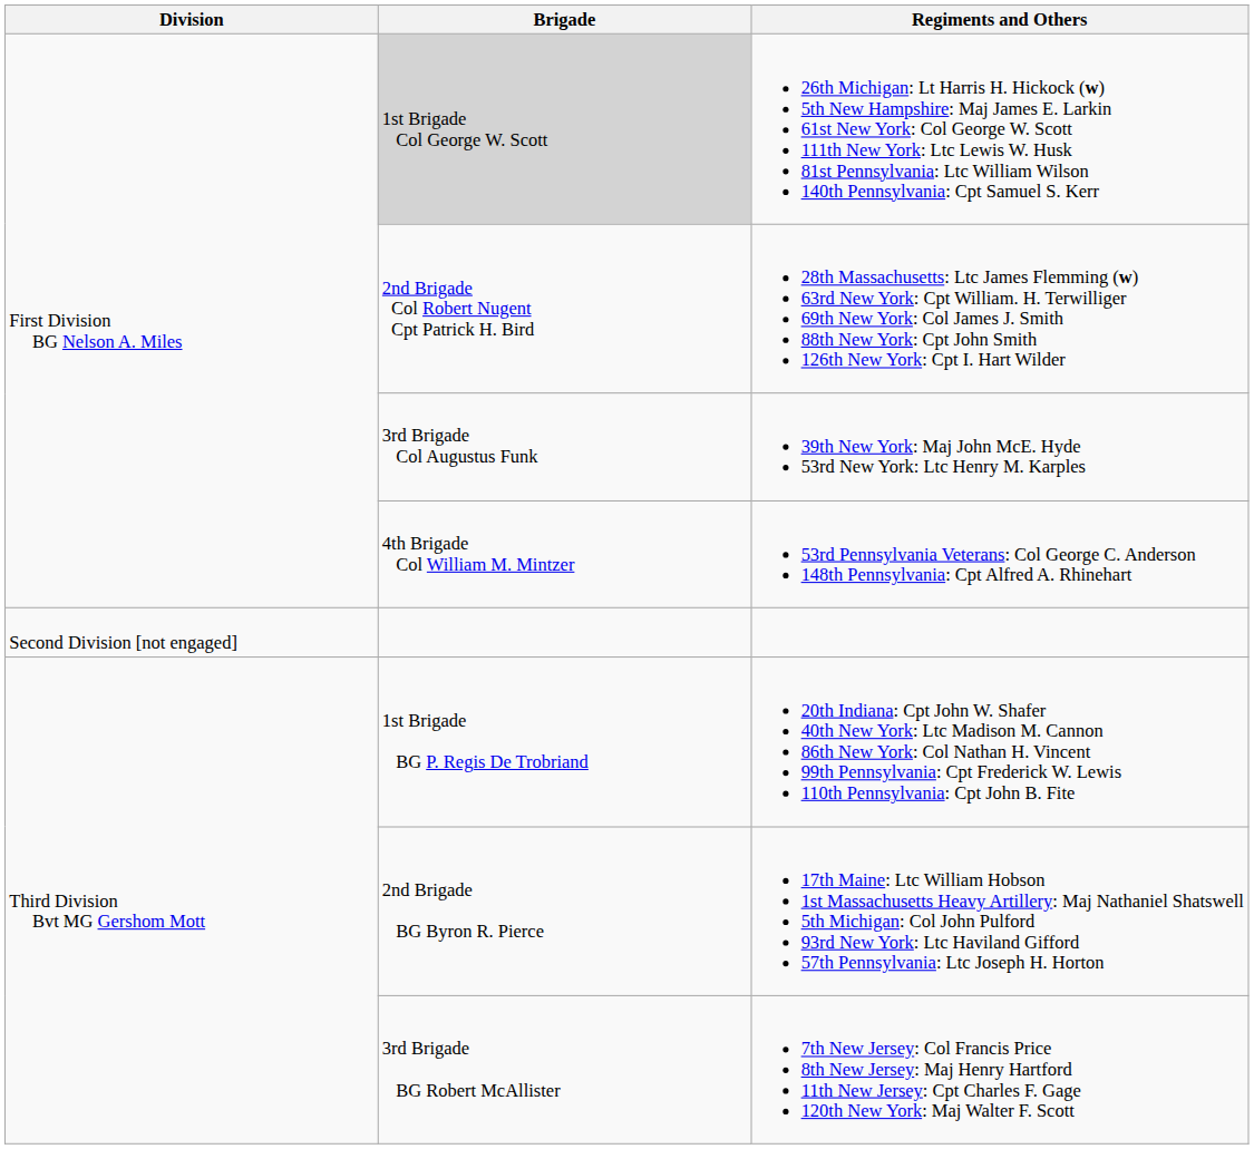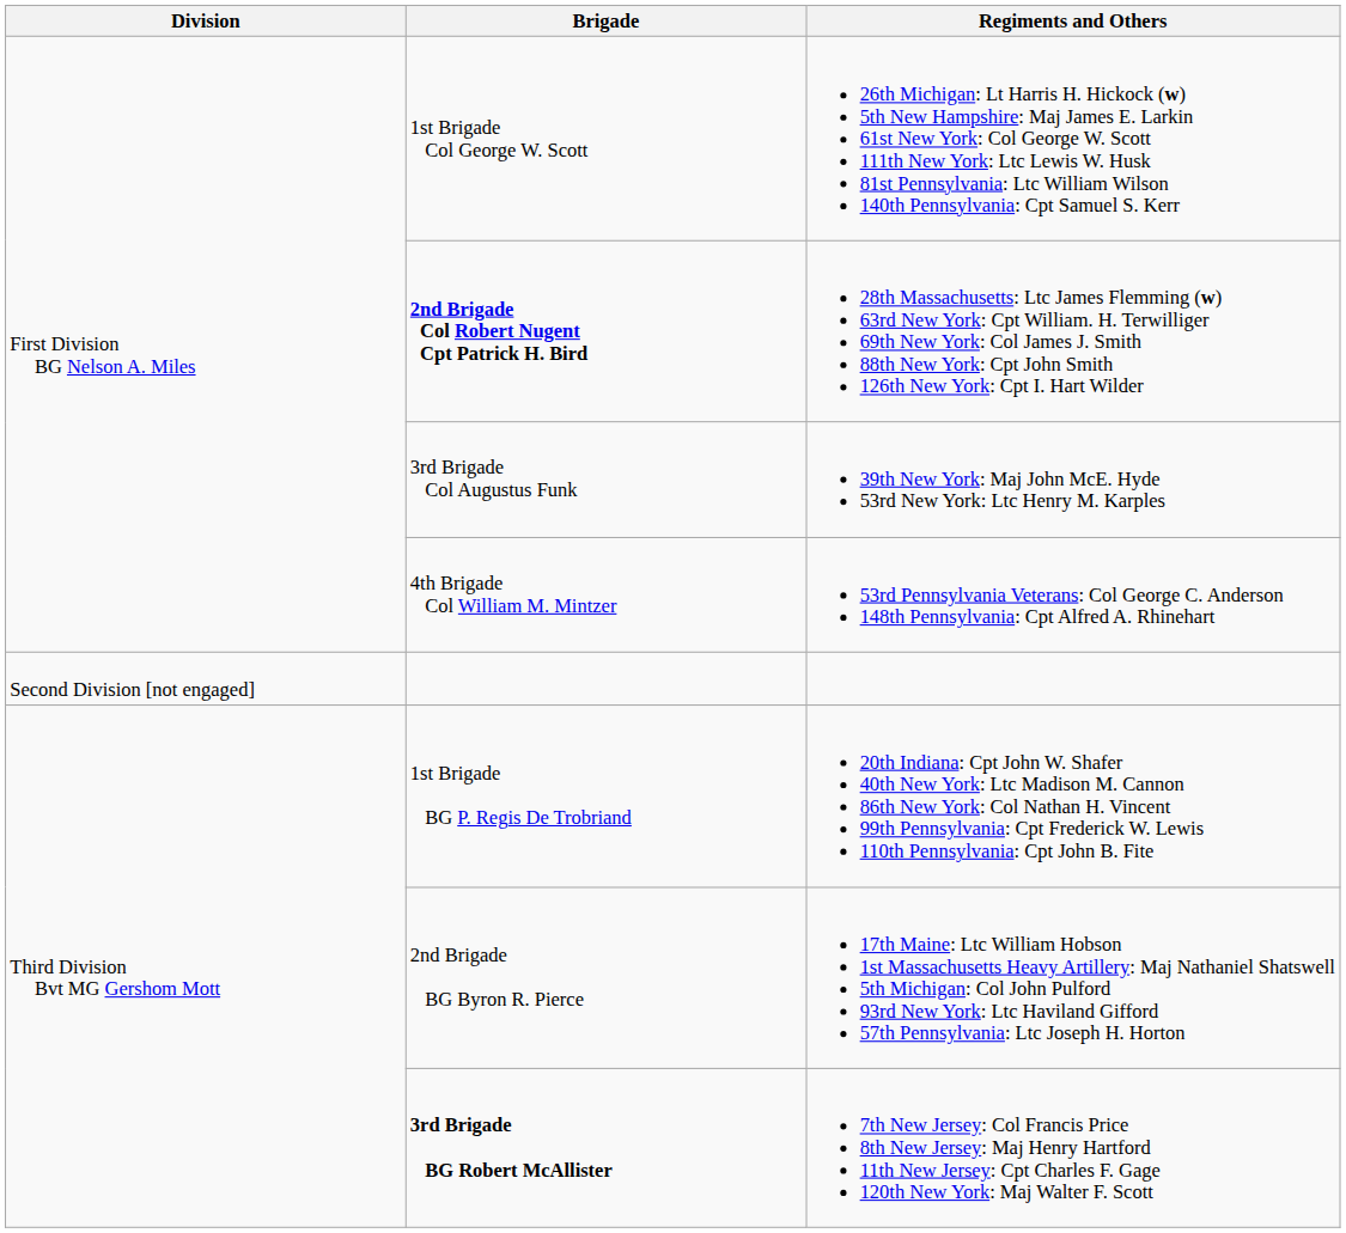 <table class="wikitable">
 <tr>
 <th width=30%>Division</th>
 <th width=30%>Brigade</th>
 <th>Regiments and Others</th>
 </tr>
 <tr>
 <td rowspan=4><br>First Division <br>     BG <a href='#'>Nelson A. Miles</a></td>
-<td style="background: lightgrey;">1st Brigade<br>   Col George W. Scott</td>
+<td>1st Brigade<br>   Col George W. Scott</td>
 <td><br><ul><li><a href='#'>26th Michigan</a>: Lt Harris H. Hickock (<strong>w</strong>)</li><li><a href='#'>5th New Hampshire</a>: Maj James E. Larkin</li><li><a href='#'>61st New York</a>: Col George W. Scott</li><li><a href='#'>111th New York</a>: Ltc Lewis W. Husk</li><li><a href='#'>81st Pennsylvania</a>: Ltc William Wilson</li><li><a href='#'>140th Pennsylvania</a>: Cpt Samuel S. Kerr</li></ul></td>
 </tr>
 <tr>
-<td><a href='#'>2nd Brigade</a><br>  Col <a href='#'>Robert Nugent</a><br>   Cpt Patrick H. Bird</td>
+<td><strong><a href='#'>2nd Brigade</a><br>  Col <a href='#'>Robert Nugent</a><br>   Cpt Patrick H. Bird</strong></td>
 <td><br><ul><li><a href='#'>28th Massachusetts</a>: Ltc James Flemming (<strong>w</strong>)</li><li><a href='#'>63rd New York</a>: Cpt William. H. Terwilliger</li><li><a href='#'>69th New York</a>: Col James J. Smith</li><li><a href='#'>88th New York</a>: Cpt John Smith</li><li><a href='#'>126th New York</a>: Cpt I. Hart Wilder</li></ul></td>
 </tr>
 <tr>
 <td>3rd Brigade<br>   Col Augustus Funk</td>
 <td><br><ul><li><a href='#'>39th New York</a>: Maj John McE. Hyde</li><li>53rd New York: Ltc Henry M. Karples</li></ul></td>
 </tr>
 <tr>
 <td>4th Brigade<br>   Col <a href='#'>William M. Mintzer</a></td>
 <td><br><ul><li><a href='#'>53rd Pennsylvania Veterans</a>: Col George C. Anderson</li><li><a href='#'>148th Pennsylvania</a>: Cpt Alfred A. Rhinehart</li></ul></td>
 </tr>
 <tr>
 <td rowspan=1><br>Second Division [not engaged]</td>
 <td></td>
 <td></td>
 </tr>
 <tr>
 <td rowspan= 3><br>Third Division <br>     Bvt MG <a href='#'>Gershom Mott</a></td>
 <td>1st Brigade<br><br>   BG <a href='#'>P. Regis De Trobriand</a></td>
 <td><br><ul><li><a href='#'>20th Indiana</a>: Cpt John W. Shafer</li><li><a href='#'>40th New York</a>: Ltc Madison M. Cannon</li><li><a href='#'>86th New York</a>: Col Nathan H. Vincent</li><li><a href='#'>99th Pennsylvania</a>: Cpt Frederick W. Lewis</li><li><a href='#'>110th Pennsylvania</a>: Cpt John B. Fite</li></ul></td>
 </tr>
 <tr>
 <td>2nd Brigade<br><br>   BG Byron R. Pierce</td>
 <td><br><ul><li><a href='#'>17th Maine</a>: Ltc William Hobson</li><li><a href='#'>1st Massachusetts Heavy Artillery</a>: Maj Nathaniel Shatswell</li><li><a href='#'>5th Michigan</a>: Col John Pulford</li><li><a href='#'>93rd New York</a>: Ltc Haviland Gifford</li><li><a href='#'>57th Pennsylvania</a>: Ltc Joseph H. Horton</li></ul></td>
 </tr>
 <tr>
-<td>3rd Brigade<br><br>   BG Robert McAllister</td>
+<td><strong>3rd Brigade<br><br>   BG Robert McAllister</strong></td>
 <td><br><ul><li><a href='#'>7th New Jersey</a>: Col Francis Price</li><li><a href='#'>8th New Jersey</a>: Maj Henry Hartford</li><li><a href='#'>11th New Jersey</a>: Cpt Charles F. Gage</li><li><a href='#'>120th New York</a>: Maj Walter F. Scott</li></ul></td>
 </tr>
 </table>
